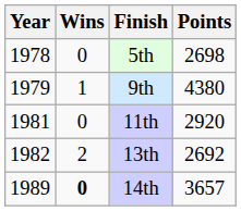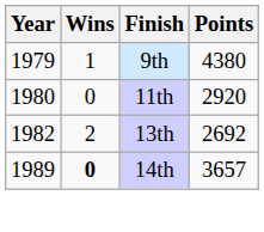 <table class="wikitable" style="font-size: 90%;">
 <tr>
 <th>Year</th>
 <th>Wins</th>
 <th>Finish</th>
 <th>Points</th>
 </tr>
 <tr>
-<td>1978</td>
-<td align=center>0</td>
-<td align=center style="background:#DFFFDF;">5th</td>
-<td align=center>2698</td>
-</tr>
-<tr>
 <td>1979</td>
 <td align=center>1</td>
 <td align=center style="background:#CFEAFF;">9th</td>
 <td align=center>4380</td>
 </tr>
 <tr>
-<td>1981</td>
+<td>1980</td>
 <td align=center>0</td>
 <td align=center style="background:#CFCFFF;">11th</td>
 <td align=center>2920</td>
 </tr>
 <tr>
 <td>1982</td>
 <td align=center>2</td>
 <td align=center style="background:#CFCFFF;">13th</td>
 <td align=center>2692</td>
 </tr>
 <tr>
 <td>1989</td>
 <td align=center><strong>0</strong></td>
 <td align=center style="background:#CFCFFF;">14th</td>
 <td align=center>3657</td>
 </tr>
 </table>
